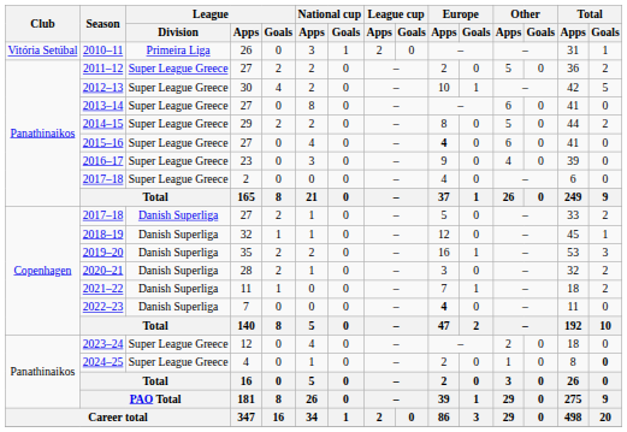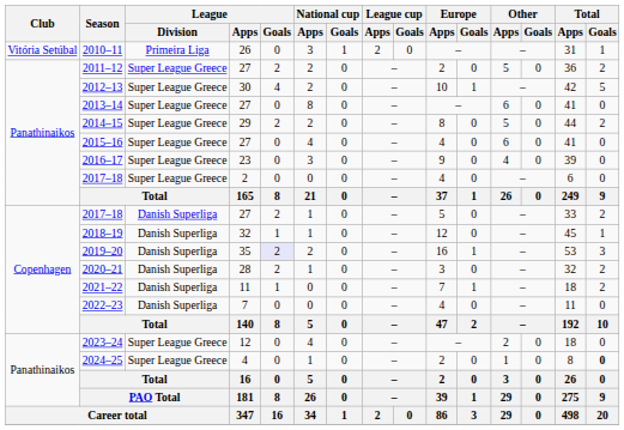 <table class="wikitable" style="text-align:center">
 <tr>
 <th rowspan="2">Club</th>
 <th rowspan="2">Season</th>
 <th colspan="3">League</th>
 <th colspan="2">National cup</th>
 <th colspan="2">League cup</th>
 <th colspan="2">Europe</th>
 <th colspan="2">Other</th>
 <th colspan="2">Total</th>
 </tr>
 <tr>
 <th>Division</th>
 <th>Apps</th>
 <th>Goals</th>
 <th>Apps</th>
 <th>Goals</th>
 <th>Apps</th>
 <th>Goals</th>
 <th>Apps</th>
 <th>Goals</th>
 <th>Apps</th>
 <th>Goals</th>
 <th>Apps</th>
 <th>Goals</th>
 </tr>
 <tr>
 <td><a href='#'>Vitória Setúbal</a></td>
 <td><a href='#'>2010–11</a></td>
 <td><a href='#'>Primeira Liga</a></td>
 <td>26</td>
 <td>0</td>
 <td>3</td>
 <td>1</td>
 <td>2</td>
 <td>0</td>
 <td colspan="2">–</td>
 <td colspan="2">–</td>
 <td>31</td>
 <td>1</td>
 </tr>
 <tr>
 <td rowspan="8"><a href='#'>Panathinaikos</a></td>
 <td><a href='#'>2011–12</a></td>
 <td><a href='#'>Super League Greece</a></td>
 <td>27</td>
 <td>2</td>
 <td>2</td>
 <td>0</td>
 <td colspan="2">–</td>
 <td>2</td>
 <td>0</td>
 <td>5</td>
 <td>0</td>
 <td>36</td>
 <td>2</td>
 </tr>
 <tr>
 <td><a href='#'>2012–13</a></td>
 <td>Super League Greece</td>
 <td>30</td>
 <td>4</td>
 <td>2</td>
 <td>0</td>
 <td colspan="2">–</td>
 <td>10</td>
 <td>1</td>
 <td colspan="2">–</td>
 <td>42</td>
 <td>5</td>
 </tr>
 <tr>
 <td><a href='#'>2013–14</a></td>
 <td>Super League Greece</td>
 <td>27</td>
 <td>0</td>
 <td>8</td>
 <td>0</td>
 <td colspan="2">–</td>
 <td colspan="2">–</td>
 <td>6</td>
 <td>0</td>
 <td>41</td>
 <td>0</td>
 </tr>
 <tr>
 <td><a href='#'>2014–15</a></td>
 <td>Super League Greece</td>
 <td>29</td>
 <td>2</td>
 <td>2</td>
 <td>0</td>
 <td colspan="2">–</td>
 <td>8</td>
 <td>0</td>
 <td>5</td>
 <td>0</td>
 <td>44</td>
 <td>2</td>
 </tr>
 <tr>
 <td><a href='#'>2015–16</a></td>
 <td>Super League Greece</td>
 <td>27</td>
 <td>0</td>
 <td>4</td>
 <td>0</td>
 <td colspan="2">–</td>
-<td><strong>4</strong></td>
+<td>4</td>
 <td>0</td>
 <td>6</td>
 <td>0</td>
 <td>41</td>
 <td>0</td>
 </tr>
 <tr>
 <td><a href='#'>2016–17</a></td>
 <td>Super League Greece</td>
 <td>23</td>
 <td>0</td>
 <td>3</td>
 <td>0</td>
 <td colspan="2">–</td>
 <td>9</td>
 <td>0</td>
 <td>4</td>
 <td>0</td>
 <td>39</td>
 <td>0</td>
 </tr>
 <tr>
 <td><a href='#'>2017–18</a></td>
 <td>Super League Greece</td>
 <td>2</td>
 <td>0</td>
 <td>0</td>
 <td>0</td>
 <td colspan="2">–</td>
 <td>4</td>
 <td>0</td>
 <td colspan="2">–</td>
 <td>6</td>
 <td>0</td>
 </tr>
 <tr>
 <th colspan="2">Total</th>
 <th>165</th>
 <th>8</th>
 <th>21</th>
 <th>0</th>
 <th colspan="2">–</th>
 <th>37</th>
 <th>1</th>
 <th>26</th>
 <th>0</th>
 <th>249</th>
 <th>9</th>
 </tr>
 <tr>
 <td rowspan="7"><a href='#'>Copenhagen</a></td>
 <td><a href='#'>2017–18</a></td>
 <td><a href='#'>Danish Superliga</a></td>
 <td>27</td>
 <td>2</td>
 <td>1</td>
 <td>0</td>
 <td colspan="2">–</td>
 <td>5</td>
 <td>0</td>
 <td colspan="2">–</td>
 <td>33</td>
 <td>2</td>
 </tr>
 <tr>
 <td><a href='#'>2018–19</a></td>
 <td>Danish Superliga</td>
 <td>32</td>
 <td>1</td>
 <td>1</td>
 <td>0</td>
 <td colspan="2">–</td>
 <td>12</td>
 <td>0</td>
 <td colspan="2">–</td>
 <td>45</td>
 <td>1</td>
 </tr>
 <tr>
 <td><a href='#'>2019–20</a></td>
 <td>Danish Superliga</td>
 <td>35</td>
-<td>2</td>
+<td style="background: lavender;">2</td>
 <td>2</td>
 <td>0</td>
 <td colspan="2">–</td>
 <td>16</td>
 <td>1</td>
 <td colspan="2">–</td>
 <td>53</td>
 <td>3</td>
 </tr>
 <tr>
 <td><a href='#'>2020–21</a></td>
 <td>Danish Superliga</td>
 <td>28</td>
 <td>2</td>
 <td>1</td>
 <td>0</td>
 <td colspan="2">–</td>
 <td>3</td>
 <td>0</td>
 <td colspan="2">–</td>
 <td>32</td>
 <td>2</td>
 </tr>
 <tr>
 <td><a href='#'>2021–22</a></td>
 <td>Danish Superliga</td>
 <td>11</td>
 <td>1</td>
 <td>0</td>
 <td>0</td>
 <td colspan="2">–</td>
 <td>7</td>
 <td>1</td>
 <td colspan="2">–</td>
 <td>18</td>
 <td>2</td>
 </tr>
 <tr>
 <td><a href='#'>2022–23</a></td>
 <td>Danish Superliga</td>
 <td>7</td>
 <td>0</td>
 <td>0</td>
 <td>0</td>
 <td colspan="2">–</td>
-<td><strong>4</strong></td>
+<td>4</td>
 <td>0</td>
 <td colspan="2">–</td>
 <td>11</td>
 <td>0</td>
 </tr>
 <tr>
 <th colspan="2">Total</th>
 <th>140</th>
 <th>8</th>
 <th>5</th>
 <th>0</th>
 <th colspan="2">–</th>
 <th>47</th>
 <th>2</th>
 <th colspan="2">–</th>
 <th>192</th>
 <th>10</th>
 </tr>
 <tr>
 <td rowspan="4">Panathinaikos</td>
 <td><a href='#'>2023–24</a></td>
 <td>Super League Greece</td>
 <td>12</td>
 <td>0</td>
 <td>4</td>
 <td>0</td>
 <td colspan="2">–</td>
 <td colspan="2">–</td>
 <td>2</td>
 <td>0</td>
 <td>18</td>
 <td>0</td>
 </tr>
 <tr>
 <td><a href='#'>2024–25</a></td>
 <td>Super League Greece</td>
 <td>4</td>
 <td>0</td>
 <td>1</td>
 <td>0</td>
 <td colspan="2">–</td>
 <td>2</td>
 <td>0</td>
 <td>1</td>
 <td>0</td>
 <td>8</td>
 <td><strong>0</strong></td>
 </tr>
 <tr>
 <th colspan="2">Total</th>
 <th>16</th>
 <th>0</th>
 <th>5</th>
 <th>0</th>
 <th colspan="2">–</th>
 <th>2</th>
 <th>0</th>
 <th>3</th>
 <th>0</th>
 <th>26</th>
 <th>0</th>
 </tr>
 <tr>
 <th colspan="2"><a href='#'>PAO</a> Total</th>
 <th>181</th>
 <th>8</th>
 <th>26</th>
 <th>0</th>
 <th colspan="2">–</th>
 <th>39</th>
 <th>1</th>
 <th>29</th>
 <th>0</th>
 <th>275</th>
 <th>9</th>
 </tr>
 <tr>
 <th colspan="3">Career total</th>
 <th>347</th>
 <th>16</th>
 <th>34</th>
 <th>1</th>
 <th>2</th>
 <th>0</th>
 <th>86</th>
 <th>3</th>
 <th>29</th>
 <th>0</th>
 <th>498</th>
 <th>20</th>
 </tr>
 <tr>
 </tr>
 </table>
